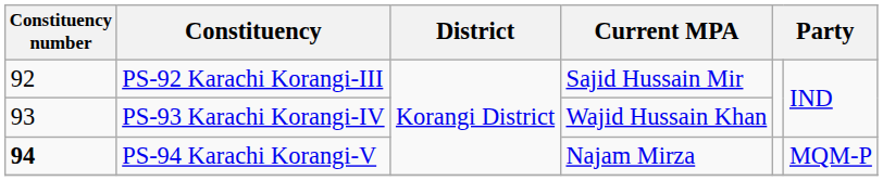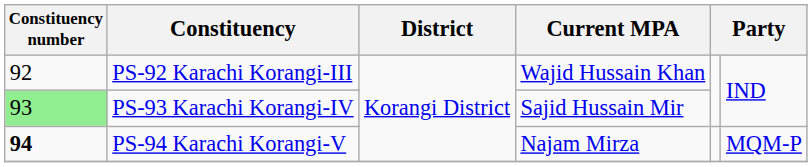 <table class="wikitable">
 <tr>
 <th width="50px" style="font-size:75%">Constituency number</th>
 <th>Constituency</th>
 <th>District</th>
 <th>Current MPA</th>
 <th colspan="2">Party</th>
 </tr>
 <tr>
 <td>92</td>
 <td><a href='#'>PS-92 Karachi Korangi-III</a></td>
 <td rowspan="3"><a href='#'>Korangi District</a></td>
-<td><a href='#'>Sajid Hussain Mir</a></td>
+<td><a href='#'>Wajid Hussain Khan</a></td>
 <td rowspan="2"></td>
 <td rowspan="2"><a href='#'>IND</a></td>
 </tr>
 <tr>
-<td>93</td>
+<td style="background: lightgreen;">93</td>
 <td><a href='#'>PS-93 Karachi Korangi-IV</a></td>
-<td><a href='#'>Wajid Hussain Khan</a></td>
+<td><a href='#'>Sajid Hussain Mir</a></td>
 </tr>
 <tr>
 <td><strong>94</strong></td>
 <td><a href='#'>PS-94 Karachi Korangi-V</a></td>
 <td><a href='#'>Najam Mirza</a></td>
 <td></td>
 <td><a href='#'>MQM-P</a></td>
 </tr>
 <tr>
 </tr>
 </table>
